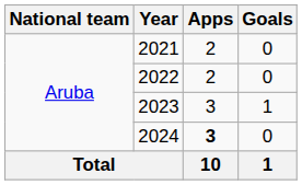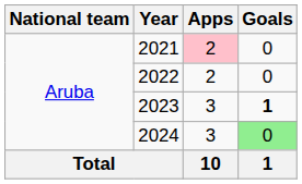 <table class="wikitable" style="text-align:center">
 <tr>
 <th>National team</th>
 <th>Year</th>
 <th>Apps</th>
 <th>Goals</th>
 </tr>
 <tr>
 <td rowspan="4"><a href='#'>Aruba</a></td>
 <td>2021</td>
-<td>2</td>
+<td style="background: pink;">2</td>
 <td>0</td>
 </tr>
 <tr>
 <td>2022</td>
 <td>2</td>
 <td>0</td>
 </tr>
 <tr>
 <td>2023</td>
 <td>3</td>
-<td>1</td>
+<td><strong>1</strong></td>
 </tr>
 <tr>
 <td>2024</td>
-<td><strong>3</strong></td>
-<td>0</td>
+<td>3</td>
+<td style="background: lightgreen;">0</td>
 </tr>
 <tr>
 <th colspan="2">Total</th>
 <th>10</th>
 <th>1</th>
 </tr>
 </table>
